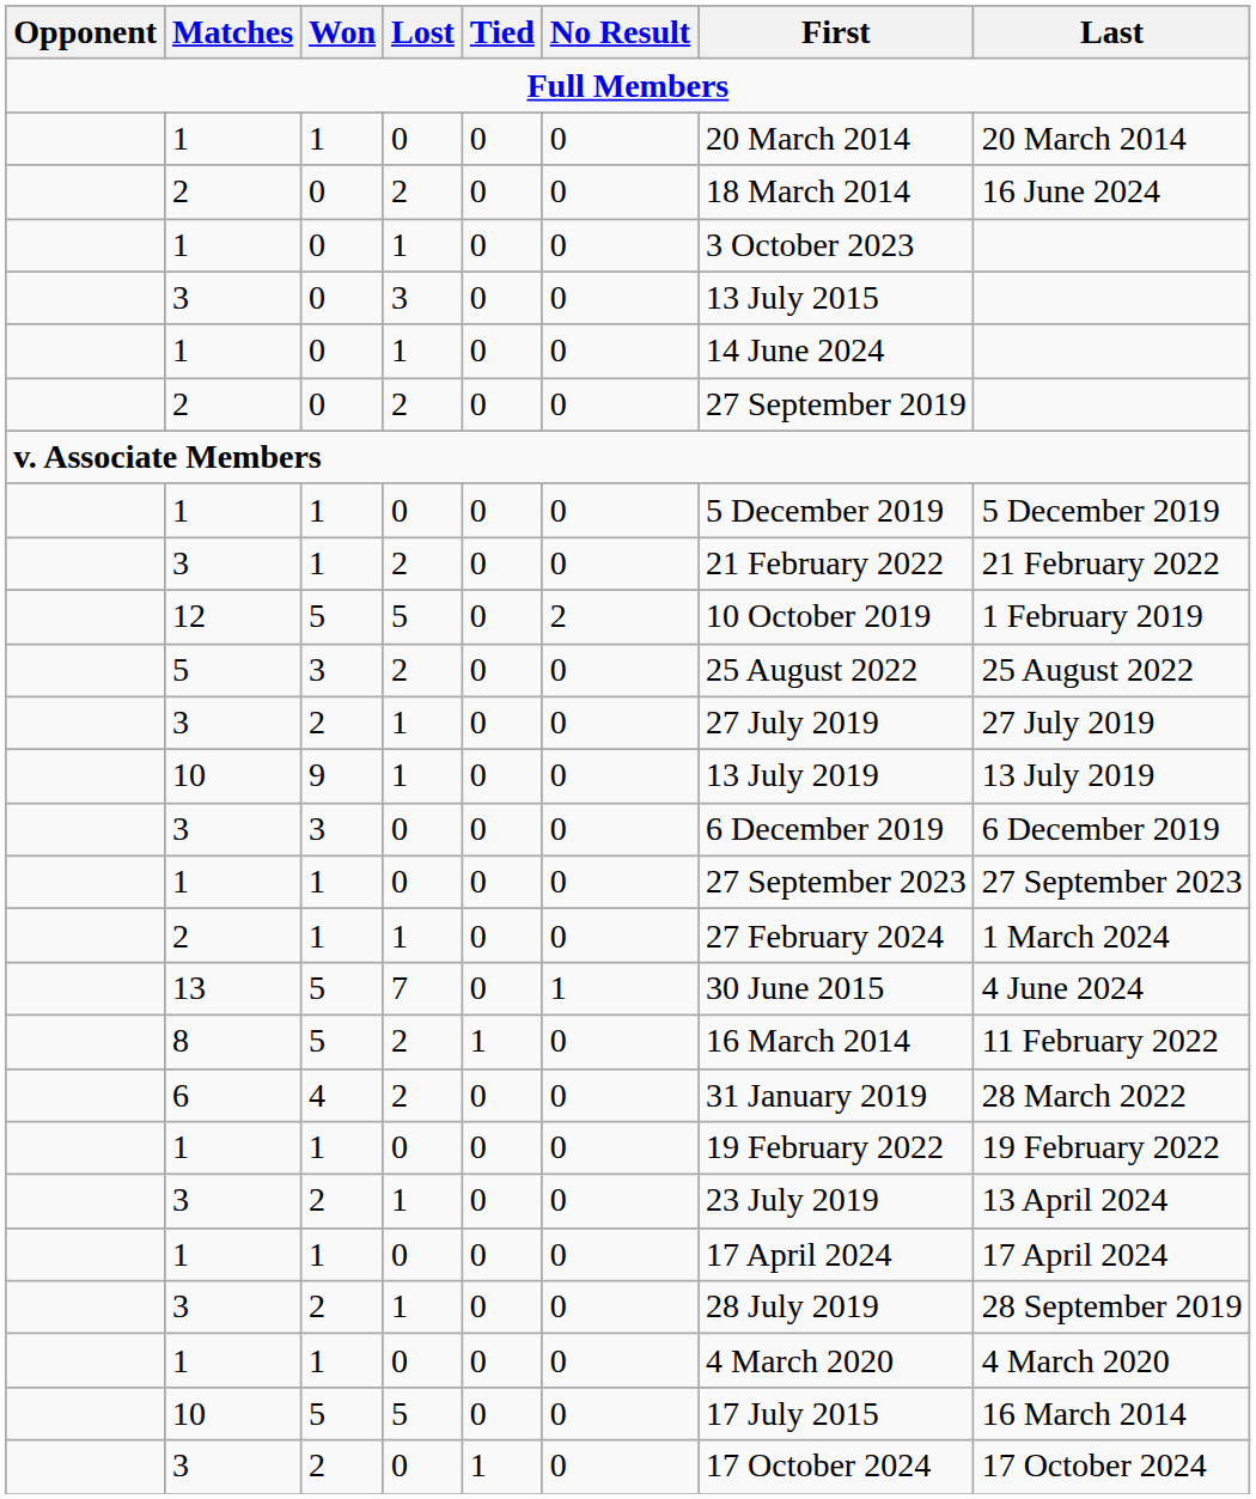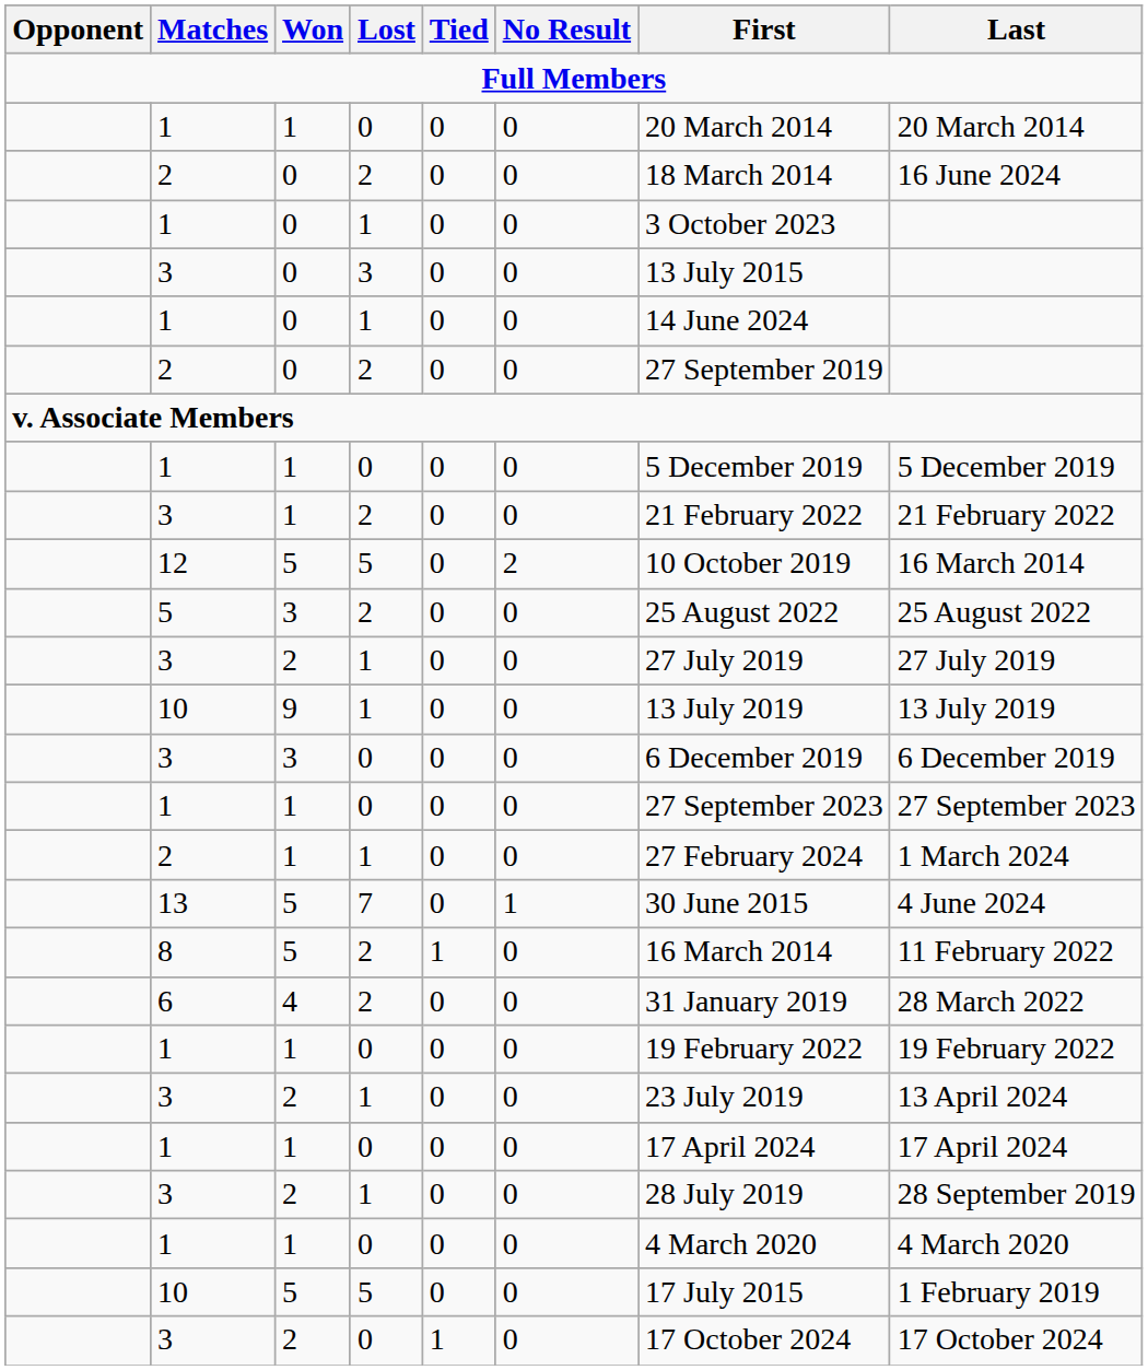 <table class="wikitable plainrowheaders sortable">
 <tr>
 <th scope="col">Opponent</th>
 <th scope="col"><a href='#'>Matches</a></th>
 <th scope="col"><a href='#'>Won</a></th>
 <th scope="col"><a href='#'>Lost</a></th>
 <th scope="col"><a href='#'>Tied</a></th>
 <th scope="col"><a href='#'>No Result</a></th>
 <th scope="col">First</th>
 <th scope="col">Last</th>
 </tr>
 <tr>
 <td style="text-align: center;" colspan="8"><strong><a href='#'>Full Members</a></strong></td>
 </tr>
 <tr>
 <td style="text-align:left;"></td>
 <td>1</td>
 <td>1</td>
 <td>0</td>
 <td>0</td>
 <td>0</td>
 <td>20 March 2014</td>
 <td>20 March 2014</td>
 </tr>
 <tr>
 <td style="text-align:left;"></td>
 <td>2</td>
 <td>0</td>
 <td>2</td>
 <td>0</td>
 <td>0</td>
 <td>18 March 2014</td>
 <td>16 June 2024</td>
 </tr>
 <tr>
 <td style="text-align:left;"></td>
 <td>1</td>
 <td>0</td>
 <td>1</td>
 <td>0</td>
 <td>0</td>
 <td>3 October 2023</td>
 <td></td>
 </tr>
 <tr>
 <td style="text-align:left;"></td>
 <td>3</td>
 <td>0</td>
 <td>3</td>
 <td>0</td>
 <td>0</td>
 <td>13 July 2015</td>
 <td></td>
 </tr>
 <tr>
 <td style="text-align:left;"></td>
 <td>1</td>
 <td>0</td>
 <td>1</td>
 <td>0</td>
 <td>0</td>
 <td>14 June 2024</td>
 <td></td>
 </tr>
 <tr>
 <td style="text-align:left;"></td>
 <td>2</td>
 <td>0</td>
 <td>2</td>
 <td>0</td>
 <td>0</td>
 <td>27 September 2019</td>
 <td></td>
 </tr>
 <tr>
 <td colspan="8" style="text align:center;"><strong>v. Associate Members</strong></td>
 </tr>
 <tr>
 <td style="text-align:left;"></td>
 <td>1</td>
 <td>1</td>
 <td>0</td>
 <td>0</td>
 <td>0</td>
 <td>5 December 2019</td>
 <td>5 December 2019</td>
 </tr>
 <tr>
 <td style="text-align:left;"></td>
 <td>3</td>
 <td>1</td>
 <td>2</td>
 <td>0</td>
 <td>0</td>
 <td>21 February 2022</td>
 <td>21 February 2022</td>
 </tr>
 <tr>
 <td style="text-align:left;"></td>
 <td>12</td>
 <td>5</td>
 <td>5</td>
 <td>0</td>
 <td>2</td>
 <td>10 October 2019</td>
-<td>1 February 2019</td>
+<td>16 March 2014</td>
 </tr>
 <tr>
 <td style="text-align:left;"></td>
 <td>5</td>
 <td>3</td>
 <td>2</td>
 <td>0</td>
 <td>0</td>
 <td>25 August 2022</td>
 <td>25 August 2022</td>
 </tr>
 <tr>
 <td style="text-align:left;"></td>
 <td>3</td>
 <td>2</td>
 <td>1</td>
 <td>0</td>
 <td>0</td>
 <td>27 July 2019</td>
 <td>27 July 2019</td>
 </tr>
 <tr>
 <td style="text-align:left;"></td>
 <td>10</td>
 <td>9</td>
 <td>1</td>
 <td>0</td>
 <td>0</td>
 <td>13 July 2019</td>
 <td>13 July 2019</td>
 </tr>
 <tr>
 <td style="text-align:left;"></td>
 <td>3</td>
 <td>3</td>
 <td>0</td>
 <td>0</td>
 <td>0</td>
 <td>6 December 2019</td>
 <td>6 December 2019</td>
 </tr>
 <tr>
 <td style="text-align:left;"></td>
 <td>1</td>
 <td>1</td>
 <td>0</td>
 <td>0</td>
 <td>0</td>
 <td>27 September 2023</td>
 <td>27 September 2023</td>
 </tr>
 <tr>
 <td style="text-align:left;"></td>
 <td>2</td>
 <td>1</td>
 <td>1</td>
 <td>0</td>
 <td>0</td>
 <td>27 February 2024</td>
 <td>1 March 2024</td>
 </tr>
 <tr>
 <td style="text-align:left;"></td>
 <td>13</td>
 <td>5</td>
 <td>7</td>
 <td>0</td>
 <td>1</td>
 <td>30 June 2015</td>
 <td>4 June 2024</td>
 </tr>
 <tr>
 <td style="text-align:left;"></td>
 <td>8</td>
 <td>5</td>
 <td>2</td>
 <td>1</td>
 <td>0</td>
 <td>16 March 2014</td>
 <td>11 February 2022</td>
 </tr>
 <tr>
 <td style="text-align:left;"></td>
 <td>6</td>
 <td>4</td>
 <td>2</td>
 <td>0</td>
 <td>0</td>
 <td>31 January 2019</td>
 <td>28 March 2022</td>
 </tr>
 <tr>
 <td style="text-align:left;"></td>
 <td>1</td>
 <td>1</td>
 <td>0</td>
 <td>0</td>
 <td>0</td>
 <td>19 February 2022</td>
 <td>19 February 2022</td>
 </tr>
 <tr>
 <td style="text-align:left;"></td>
 <td>3</td>
 <td>2</td>
 <td>1</td>
 <td>0</td>
 <td>0</td>
 <td>23 July 2019</td>
 <td>13 April 2024</td>
 </tr>
 <tr>
 <td style="text-align:left;"></td>
 <td>1</td>
 <td>1</td>
 <td>0</td>
 <td>0</td>
 <td>0</td>
 <td>17 April 2024</td>
 <td>17 April 2024</td>
 </tr>
 <tr>
 <td style="text-align:left;"></td>
 <td>3</td>
 <td>2</td>
 <td>1</td>
 <td>0</td>
 <td>0</td>
 <td>28 July 2019</td>
 <td>28 September 2019</td>
 </tr>
 <tr>
 <td style="text-align:left;"></td>
 <td>1</td>
 <td>1</td>
 <td>0</td>
 <td>0</td>
 <td>0</td>
 <td>4 March 2020</td>
 <td>4 March 2020</td>
 </tr>
 <tr>
 <td style="text-align:left;"></td>
 <td>10</td>
 <td>5</td>
 <td>5</td>
 <td>0</td>
 <td>0</td>
 <td>17 July 2015</td>
-<td>16 March 2014</td>
+<td>1 February 2019</td>
 </tr>
 <tr>
 <td style="text-align:left;"></td>
 <td>3</td>
 <td>2</td>
 <td>0</td>
 <td>1</td>
 <td>0</td>
 <td>17 October 2024</td>
 <td>17 October 2024</td>
 </tr>
 </table>
